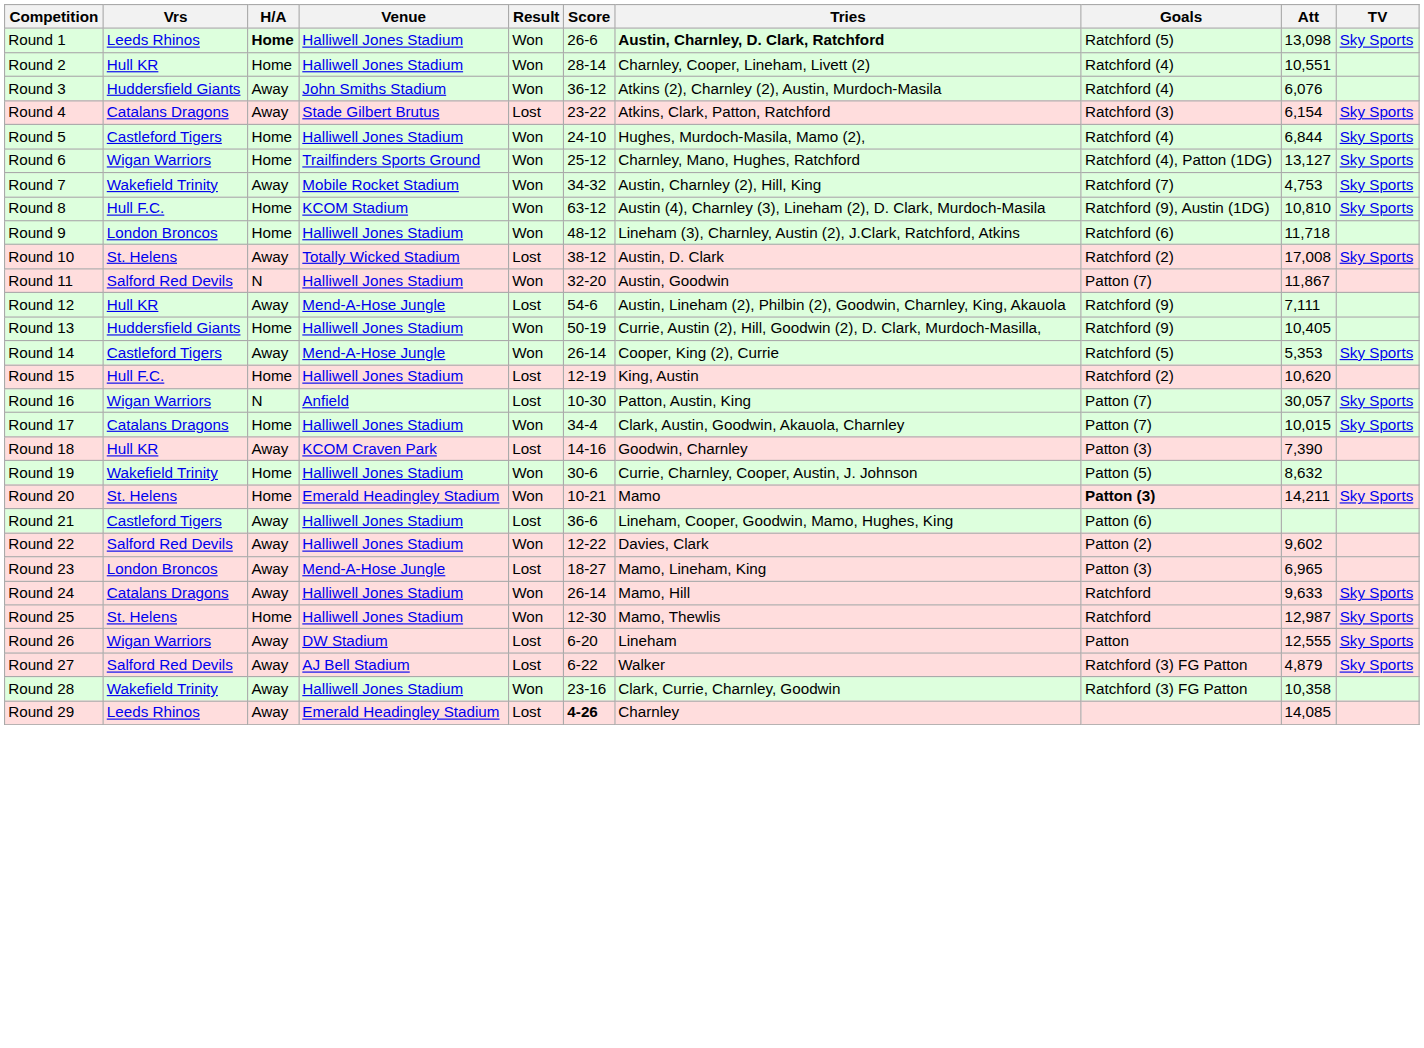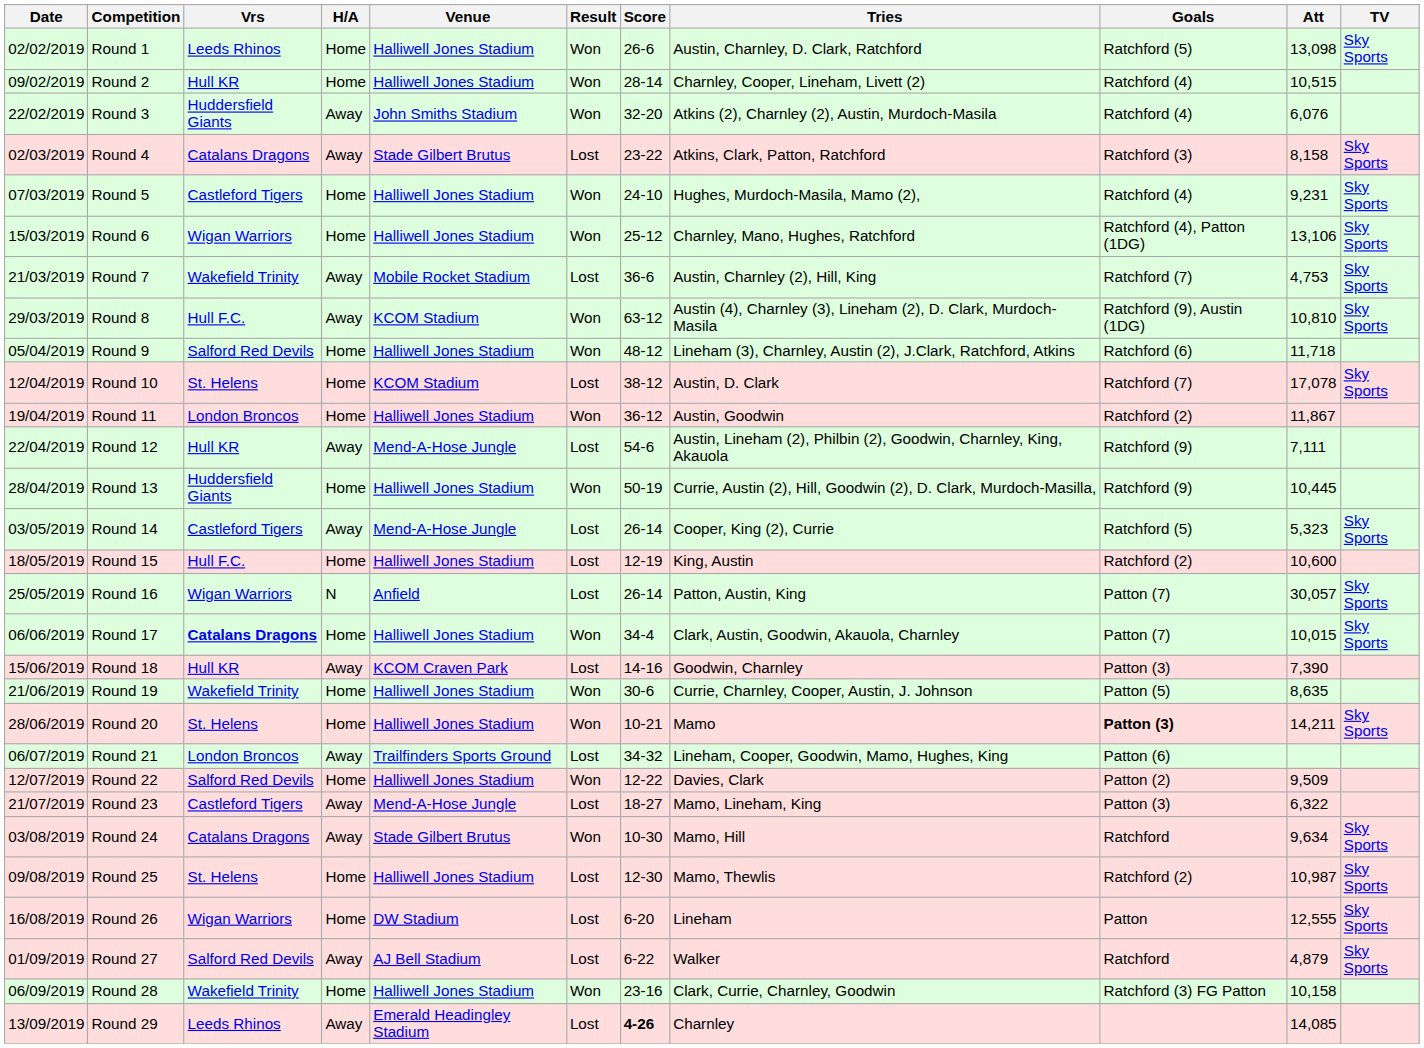 <table class="wikitable" style="font-size:85%;" width="100%">
 <tr>
+<th>Date</th>
 <th>Competition</th>
 <th>Vrs</th>
 <th>H/A</th>
 <th>Venue</th>
 <th>Result</th>
 <th>Score</th>
 <th>Tries</th>
 <th>Goals</th>
 <th>Att</th>
 <th>TV</th>
 </tr>
 <tr style="background:#ddffdd;" width=20 | >
+<td>02/02/2019</td>
 <td>Round 1</td>
 <td> <a href='#'>Leeds Rhinos</a></td>
-<td><strong>Home</strong></td>
+<td>Home</td>
 <td><a href='#'>Halliwell Jones Stadium</a></td>
 <td>Won</td>
 <td>26-6</td>
-<td><strong>Austin, Charnley, D. Clark, Ratchford</strong></td>
+<td>Austin, Charnley, D. Clark, Ratchford</td>
 <td>Ratchford (5)</td>
 <td>13,098</td>
 <td><a href='#'>Sky Sports</a></td>
 </tr>
 <tr style="background:#ddffdd;">
+<td>09/02/2019</td>
 <td>Round 2</td>
 <td> <a href='#'>Hull KR</a></td>
 <td>Home</td>
 <td><a href='#'>Halliwell Jones Stadium</a></td>
 <td>Won</td>
 <td>28-14</td>
 <td>Charnley, Cooper, Lineham, Livett (2)</td>
 <td>Ratchford (4)</td>
-<td>10,551</td>
+<td>10,515</td>
 <td></td>
 </tr>
 <tr style="background:#ddffdd;">
+<td>22/02/2019</td>
 <td>Round 3</td>
 <td> <a href='#'>Huddersfield Giants</a></td>
 <td>Away</td>
 <td><a href='#'>John Smiths Stadium</a></td>
 <td>Won</td>
-<td>36-12</td>
+<td>32-20</td>
 <td>Atkins (2), Charnley (2), Austin, Murdoch-Masila</td>
 <td>Ratchford (4)</td>
 <td>6,076</td>
 <td></td>
 </tr>
 <tr style="background:#ffdddd">
+<td>02/03/2019</td>
 <td>Round 4</td>
 <td> <a href='#'>Catalans Dragons</a></td>
 <td>Away</td>
 <td><a href='#'>Stade Gilbert Brutus</a></td>
 <td>Lost</td>
 <td>23-22</td>
 <td>Atkins, Clark, Patton, Ratchford</td>
 <td>Ratchford (3)</td>
-<td>6,154</td>
+<td>8,158</td>
 <td><a href='#'>Sky Sports</a></td>
 </tr>
 <tr style="background:#ddffdd;">
+<td>07/03/2019</td>
 <td>Round 5</td>
 <td> <a href='#'>Castleford Tigers</a></td>
 <td>Home</td>
 <td><a href='#'>Halliwell Jones Stadium</a></td>
 <td>Won</td>
 <td>24-10</td>
 <td>Hughes, Murdoch-Masila, Mamo (2),</td>
 <td>Ratchford (4)</td>
-<td>6,844</td>
+<td>9,231</td>
 <td><a href='#'>Sky Sports</a></td>
 </tr>
 <tr style="background:#ddffdd;" width=20 | >
+<td>15/03/2019</td>
 <td>Round 6</td>
 <td> <a href='#'>Wigan Warriors</a></td>
 <td>Home</td>
-<td><a href='#'>Trailfinders Sports Ground</a></td>
+<td><a href='#'>Halliwell Jones Stadium</a></td>
 <td>Won</td>
 <td>25-12</td>
 <td>Charnley, Mano, Hughes, Ratchford</td>
 <td>Ratchford (4), Patton (1DG)</td>
-<td>13,127</td>
+<td>13,106</td>
 <td><a href='#'>Sky Sports</a></td>
 </tr>
 <tr style="background:#ddffdd;" width=20 | >
+<td>21/03/2019</td>
 <td>Round 7</td>
 <td> <a href='#'>Wakefield Trinity</a></td>
 <td>Away</td>
 <td><a href='#'>Mobile Rocket Stadium</a></td>
-<td>Won</td>
-<td>34-32</td>
+<td>Lost</td>
+<td>36-6</td>
 <td>Austin, Charnley (2), Hill, King</td>
 <td>Ratchford (7)</td>
 <td>4,753</td>
 <td><a href='#'>Sky Sports</a></td>
 </tr>
 <tr style="background:#ddffdd;">
+<td>29/03/2019</td>
 <td>Round 8</td>
 <td> <a href='#'>Hull F.C.</a></td>
-<td>Home</td>
+<td>Away</td>
 <td><a href='#'>KCOM Stadium</a></td>
 <td>Won</td>
 <td>63-12</td>
 <td>Austin (4), Charnley (3), Lineham (2), D. Clark, Murdoch-Masila</td>
 <td>Ratchford (9), Austin (1DG)</td>
 <td>10,810</td>
 <td><a href='#'>Sky Sports</a></td>
 </tr>
 <tr style="background:#ddffdd;">
+<td>05/04/2019</td>
 <td>Round 9</td>
-<td> <a href='#'>London Broncos</a></td>
+<td> <a href='#'>Salford Red Devils</a></td>
 <td>Home</td>
 <td><a href='#'>Halliwell Jones Stadium</a></td>
 <td>Won</td>
 <td>48-12</td>
 <td>Lineham (3), Charnley, Austin (2), J.Clark, Ratchford, Atkins</td>
 <td>Ratchford (6)</td>
 <td>11,718</td>
 <td></td>
 </tr>
 <tr style="background:#ffdddd">
+<td>12/04/2019</td>
 <td>Round 10</td>
 <td> <a href='#'>St. Helens</a></td>
-<td>Away</td>
-<td><a href='#'>Totally Wicked Stadium</a></td>
+<td>Home</td>
+<td><a href='#'>KCOM Stadium</a></td>
 <td>Lost</td>
 <td>38-12</td>
 <td>Austin, D. Clark</td>
-<td>Ratchford (2)</td>
-<td>17,008</td>
+<td>Ratchford (7)</td>
+<td>17,078</td>
 <td><a href='#'>Sky Sports</a></td>
 </tr>
 <tr style="background:#ffdddd">
+<td>19/04/2019</td>
 <td>Round 11</td>
-<td> <a href='#'>Salford Red Devils</a></td>
-<td>N</td>
+<td> <a href='#'>London Broncos</a></td>
+<td>Home</td>
 <td><a href='#'>Halliwell Jones Stadium</a></td>
 <td>Won</td>
-<td>32-20</td>
+<td>36-12</td>
 <td>Austin, Goodwin</td>
-<td>Patton (7)</td>
+<td>Ratchford (2)</td>
 <td>11,867</td>
 <td></td>
 </tr>
 <tr style="background:#ddffdd;">
+<td>22/04/2019</td>
 <td>Round 12</td>
 <td> <a href='#'>Hull KR</a></td>
 <td>Away</td>
 <td><a href='#'>Mend-A-Hose Jungle</a></td>
 <td>Lost</td>
 <td>54-6</td>
 <td>Austin, Lineham (2), Philbin (2), Goodwin, Charnley, King, Akauola</td>
 <td>Ratchford (9)</td>
 <td>7,111</td>
 <td></td>
 </tr>
 <tr style="background:#ddffdd;">
+<td>28/04/2019</td>
 <td>Round 13</td>
 <td> <a href='#'>Huddersfield Giants</a></td>
 <td>Home</td>
 <td><a href='#'>Halliwell Jones Stadium</a></td>
 <td>Won</td>
 <td>50-19</td>
 <td>Currie, Austin (2), Hill, Goodwin (2), D. Clark, Murdoch-Masilla,</td>
 <td>Ratchford (9)</td>
-<td>10,405</td>
+<td>10,445</td>
 <td></td>
 </tr>
 <tr style="background:#ddffdd;" width=20 | >
+<td>03/05/2019</td>
 <td>Round 14</td>
 <td> <a href='#'>Castleford Tigers</a></td>
 <td>Away</td>
 <td><a href='#'>Mend-A-Hose Jungle</a></td>
-<td>Won</td>
+<td>Lost</td>
 <td>26-14</td>
 <td>Cooper, King (2), Currie</td>
 <td>Ratchford (5)</td>
-<td>5,353</td>
+<td>5,323</td>
 <td><a href='#'>Sky Sports</a></td>
 </tr>
 <tr style="background:#ffdddd;" width=20 | >
+<td>18/05/2019</td>
 <td>Round 15</td>
 <td> <a href='#'>Hull F.C.</a></td>
 <td>Home</td>
 <td><a href='#'>Halliwell Jones Stadium</a></td>
 <td>Lost</td>
 <td>12-19</td>
 <td>King, Austin</td>
 <td>Ratchford (2)</td>
-<td>10,620</td>
+<td>10,600</td>
 <td></td>
 </tr>
 <tr style="background:#ddffdd;" width=20 | >
+<td>25/05/2019</td>
 <td>Round 16</td>
 <td> <a href='#'>Wigan Warriors</a></td>
 <td>N</td>
 <td><a href='#'>Anfield</a></td>
 <td>Lost</td>
-<td>10-30</td>
+<td>26-14</td>
 <td>Patton, Austin, King</td>
 <td>Patton (7)</td>
 <td>30,057</td>
 <td><a href='#'>Sky Sports</a></td>
 </tr>
 <tr style="background:#ddffdd;" width=20 | >
+<td>06/06/2019</td>
 <td>Round 17</td>
-<td> <a href='#'>Catalans Dragons</a></td>
+<td><strong> <a href='#'>Catalans Dragons</a></strong></td>
 <td>Home</td>
 <td><a href='#'>Halliwell Jones Stadium</a></td>
 <td>Won</td>
 <td>34-4</td>
 <td>Clark, Austin, Goodwin, Akauola, Charnley</td>
 <td>Patton (7)</td>
 <td>10,015</td>
 <td><a href='#'>Sky Sports</a></td>
 </tr>
 <tr style="background:#ffdddd;" width=20 | >
+<td>15/06/2019</td>
 <td>Round 18</td>
 <td> <a href='#'>Hull KR</a></td>
 <td>Away</td>
 <td><a href='#'>KCOM Craven Park</a></td>
 <td>Lost</td>
 <td>14-16</td>
 <td>Goodwin, Charnley</td>
 <td>Patton (3)</td>
 <td>7,390</td>
 <td></td>
 </tr>
 <tr style="background:#ddffdd;" width=20 | >
+<td>21/06/2019</td>
 <td>Round 19</td>
 <td> <a href='#'>Wakefield Trinity</a></td>
 <td>Home</td>
 <td><a href='#'>Halliwell Jones Stadium</a></td>
 <td>Won</td>
 <td>30-6</td>
 <td>Currie, Charnley, Cooper, Austin, J. Johnson</td>
 <td>Patton (5)</td>
-<td>8,632</td>
+<td>8,635</td>
 <td></td>
 </tr>
 <tr style="background:#ffdddd;" width=20 | >
+<td>28/06/2019</td>
 <td>Round 20</td>
 <td> <a href='#'>St. Helens</a></td>
 <td>Home</td>
-<td><a href='#'>Emerald Headingley Stadium</a></td>
+<td><a href='#'>Halliwell Jones Stadium</a></td>
 <td>Won</td>
 <td>10-21</td>
 <td>Mamo</td>
 <td><strong>Patton (3)</strong></td>
 <td>14,211</td>
 <td><a href='#'>Sky Sports</a></td>
 </tr>
 <tr style="background:#ddffdd;" width=20 | >
+<td>06/07/2019</td>
 <td>Round 21</td>
-<td> <a href='#'>Castleford Tigers</a></td>
+<td> <a href='#'>London Broncos</a></td>
 <td>Away</td>
-<td><a href='#'>Halliwell Jones Stadium</a></td>
+<td><a href='#'>Trailfinders Sports Ground</a></td>
 <td>Lost</td>
-<td>36-6</td>
+<td>34-32</td>
 <td>Lineham, Cooper, Goodwin, Mamo, Hughes, King</td>
 <td>Patton (6)</td>
 <td></td>
 <td></td>
 </tr>
 <tr style="background:#ffdddd;" width=20 | >
+<td>12/07/2019</td>
 <td>Round 22</td>
 <td> <a href='#'>Salford Red Devils</a></td>
-<td>Away</td>
+<td>Home</td>
 <td><a href='#'>Halliwell Jones Stadium</a></td>
 <td>Won</td>
 <td>12-22</td>
 <td>Davies, Clark</td>
 <td>Patton (2)</td>
-<td>9,602</td>
+<td>9,509</td>
 <td></td>
 </tr>
 <tr style="background:#ffdddd;" width=20 | >
+<td>21/07/2019</td>
 <td>Round 23</td>
-<td> <a href='#'>London Broncos</a></td>
+<td> <a href='#'>Castleford Tigers</a></td>
 <td>Away</td>
 <td><a href='#'>Mend-A-Hose Jungle</a></td>
 <td>Lost</td>
 <td>18-27</td>
 <td>Mamo, Lineham, King</td>
 <td>Patton (3)</td>
-<td>6,965</td>
+<td>6,322</td>
 <td></td>
 </tr>
 <tr style="background:#ffdddd;" width=20 | >
+<td>03/08/2019</td>
 <td>Round 24</td>
 <td> <a href='#'>Catalans Dragons</a></td>
 <td>Away</td>
-<td><a href='#'>Halliwell Jones Stadium</a></td>
+<td><a href='#'>Stade Gilbert Brutus</a></td>
 <td>Won</td>
-<td>26-14</td>
+<td>10-30</td>
 <td>Mamo, Hill</td>
 <td>Ratchford</td>
-<td>9,633</td>
+<td>9,634</td>
 <td><a href='#'>Sky Sports</a></td>
 </tr>
 <tr style="background:#ffdddd;" width=20 | >
+<td>09/08/2019</td>
 <td>Round 25</td>
 <td> <a href='#'>St. Helens</a></td>
 <td>Home</td>
 <td><a href='#'>Halliwell Jones Stadium</a></td>
-<td>Won</td>
+<td>Lost</td>
 <td>12-30</td>
 <td>Mamo, Thewlis</td>
-<td>Ratchford</td>
-<td>12,987</td>
+<td>Ratchford (2)</td>
+<td>10,987</td>
 <td><a href='#'>Sky Sports</a></td>
 </tr>
 <tr style="background:#ffdddd;" width=20 | >
+<td>16/08/2019</td>
 <td>Round 26</td>
 <td> <a href='#'>Wigan Warriors</a></td>
-<td>Away</td>
+<td>Home</td>
 <td><a href='#'>DW Stadium</a></td>
 <td>Lost</td>
 <td>6-20</td>
 <td>Lineham</td>
 <td>Patton</td>
 <td>12,555</td>
 <td><a href='#'>Sky Sports</a></td>
 </tr>
 <tr style="background:#ffdddd;" width=20 | >
+<td>01/09/2019</td>
 <td>Round 27</td>
 <td> <a href='#'>Salford Red Devils</a></td>
 <td>Away</td>
 <td><a href='#'>AJ Bell Stadium</a></td>
 <td>Lost</td>
 <td>6-22</td>
 <td>Walker</td>
-<td>Ratchford (3) FG Patton</td>
+<td>Ratchford</td>
 <td>4,879</td>
 <td><a href='#'>Sky Sports</a></td>
 </tr>
 <tr style="background:#ddffdd;" width=20 | >
+<td>06/09/2019</td>
 <td>Round 28</td>
 <td> <a href='#'>Wakefield Trinity</a></td>
-<td>Away</td>
+<td>Home</td>
 <td><a href='#'>Halliwell Jones Stadium</a></td>
 <td>Won</td>
 <td>23-16</td>
 <td>Clark, Currie, Charnley, Goodwin</td>
 <td>Ratchford (3) FG Patton</td>
-<td>10,358</td>
+<td>10,158</td>
 <td></td>
 </tr>
 <tr style="background:#ffdddd;" width=20 | >
+<td>13/09/2019</td>
 <td>Round 29</td>
 <td> <a href='#'>Leeds Rhinos</a></td>
 <td>Away</td>
 <td><a href='#'>Emerald Headingley Stadium</a></td>
 <td>Lost</td>
 <td><strong>4-26</strong></td>
 <td>Charnley</td>
 <td></td>
 <td>14,085</td>
 <td></td>
 </tr>
 </table>
